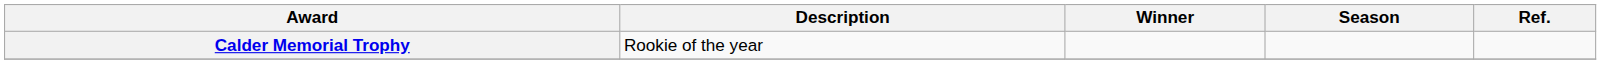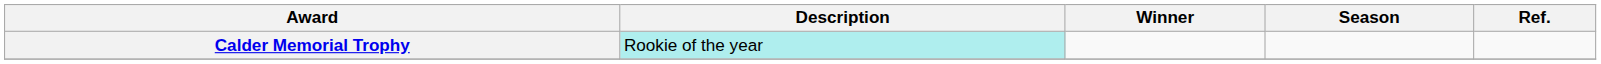 <table class="wikitable" width="75%">
 <tr>
 <th scope="col">Award</th>
 <th scope="col" class="unsortable">Description</th>
 <th scope="col">Winner</th>
 <th scope="col">Season</th>
 <th scope="col" class="unsortable">Ref.</th>
 </tr>
 <tr>
 <th scope="row"><a href='#'>Calder Memorial Trophy</a></th>
-<td>Rookie of the year</td>
+<td style="background: paleturquoise;">Rookie of the year</td>
 <td></td>
 <td></td>
 <td></td>
 </tr>
 <tr>
 </tr>
 </table>
